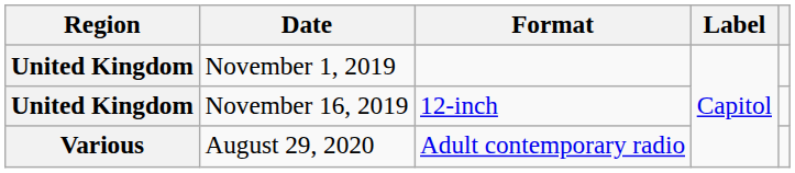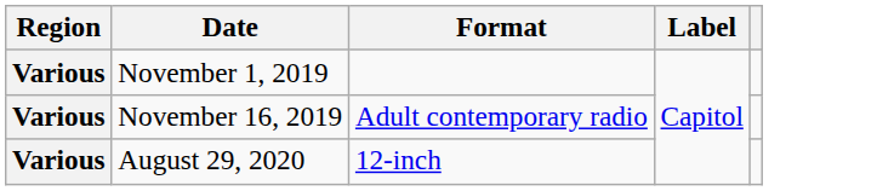 <table class="wikitable plainrowheaders">
 <tr>
 <th scope="col">Region</th>
 <th scope="col">Date</th>
 <th scope="col">Format</th>
 <th scope="col">Label</th>
 <th scope="col"></th>
 </tr>
 <tr>
-<th scope="row">United Kingdom</th>
+<th scope="row">Various</th>
 <td>November 1, 2019</td>
 <td></td>
 <td rowspan="3'"><a href='#'>Capitol</a></td>
 <td></td>
 </tr>
 <tr>
-<th scope="row">United Kingdom</th>
+<th scope="row">Various</th>
 <td>November 16, 2019</td>
-<td><a href='#'>12-inch</a></td>
+<td><a href='#'>Adult contemporary radio</a></td>
 <td></td>
 </tr>
 <tr>
 <th scope="row">Various</th>
 <td>August 29, 2020</td>
-<td><a href='#'>Adult contemporary radio</a></td>
+<td><a href='#'>12-inch</a></td>
 <td></td>
 </tr>
 </table>
